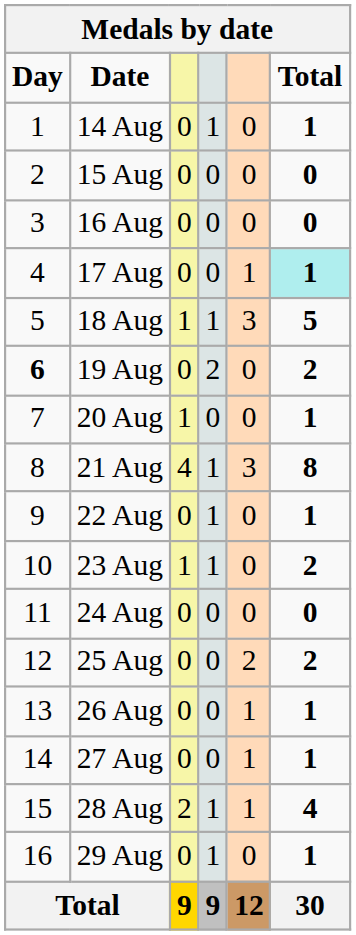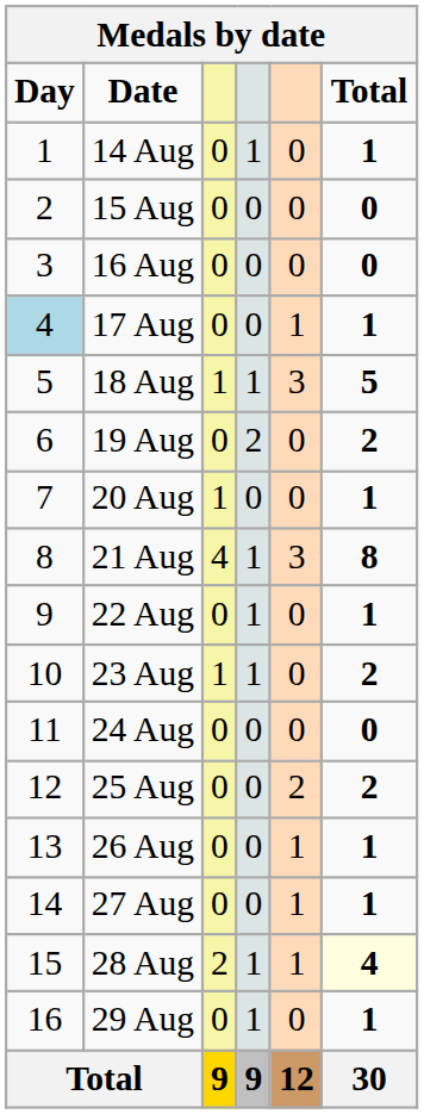 <table class="wikitable" style="font-size:85%; text-align:center;">
 <tr style="background:#efefef;">
 <th colspan=6><strong>Medals by date</strong></th>
 </tr>
 <tr>
 <td><strong>Day</strong></td>
 <td><strong>Date</strong></td>
 <td style="background:#F7F6A8;"></td>
 <td style="background:#DCE5E5;"></td>
 <td style="background:#FFDAB9;"></td>
 <td><strong>Total</strong></td>
 </tr>
 <tr>
 <td>1</td>
 <td>14 Aug</td>
 <td style="background:#F7F6A8;">0</td>
 <td style="background:#DCE5E5;">1</td>
 <td style="background:#FFDAB9;">0</td>
 <td><strong>1</strong></td>
 </tr>
 <tr>
 <td>2</td>
 <td>15 Aug</td>
 <td style="background:#F7F6A8;">0</td>
 <td style="background:#DCE5E5;">0</td>
 <td style="background:#FFDAB9;">0</td>
 <td><strong>0</strong></td>
 </tr>
 <tr>
 <td>3</td>
 <td>16 Aug</td>
 <td style="background:#F7F6A8;">0</td>
 <td style="background:#DCE5E5;">0</td>
 <td style="background:#FFDAB9;">0</td>
 <td><strong>0</strong></td>
 </tr>
 <tr>
-<td>4</td>
+<td style="background: lightblue;">4</td>
 <td>17 Aug</td>
 <td style="background:#F7F6A8;">0</td>
 <td style="background:#DCE5E5;">0</td>
 <td style="background:#FFDAB9;">1</td>
-<td style="background: paleturquoise;"><strong>1</strong></td>
+<td><strong>1</strong></td>
 </tr>
 <tr>
 <td>5</td>
 <td>18 Aug</td>
 <td style="background:#F7F6A8;">1</td>
 <td style="background:#DCE5E5;">1</td>
 <td style="background:#FFDAB9;">3</td>
 <td><strong>5</strong></td>
 </tr>
 <tr>
-<td><strong>6</strong></td>
+<td>6</td>
 <td>19 Aug</td>
 <td style="background:#F7F6A8;">0</td>
 <td style="background:#DCE5E5;">2</td>
 <td style="background:#FFDAB9;">0</td>
 <td><strong>2</strong></td>
 </tr>
 <tr>
 <td>7</td>
 <td>20 Aug</td>
 <td style="background:#F7F6A8;">1</td>
 <td style="background:#DCE5E5;">0</td>
 <td style="background:#FFDAB9;">0</td>
 <td><strong>1</strong></td>
 </tr>
 <tr>
 <td>8</td>
 <td>21 Aug</td>
 <td style="background:#F7F6A8;">4</td>
 <td style="background:#DCE5E5;">1</td>
 <td style="background:#FFDAB9;">3</td>
 <td><strong>8</strong></td>
 </tr>
 <tr>
 <td>9</td>
 <td>22 Aug</td>
 <td style="background:#F7F6A8;">0</td>
 <td style="background:#DCE5E5;">1</td>
 <td style="background:#FFDAB9;">0</td>
 <td><strong>1</strong></td>
 </tr>
 <tr>
 <td>10</td>
 <td>23 Aug</td>
 <td style="background:#F7F6A8;">1</td>
 <td style="background:#DCE5E5;">1</td>
 <td style="background:#FFDAB9;">0</td>
 <td><strong>2</strong></td>
 </tr>
 <tr>
 <td>11</td>
 <td>24 Aug</td>
 <td style="background:#F7F6A8;">0</td>
 <td style="background:#DCE5E5;">0</td>
 <td style="background:#FFDAB9;">0</td>
 <td><strong>0</strong></td>
 </tr>
 <tr>
 <td>12</td>
 <td>25 Aug</td>
 <td style="background:#F7F6A8;">0</td>
 <td style="background:#DCE5E5;">0</td>
 <td style="background:#FFDAB9;">2</td>
 <td><strong>2</strong></td>
 </tr>
 <tr>
 <td>13</td>
 <td>26 Aug</td>
 <td style="background:#F7F6A8;">0</td>
 <td style="background:#DCE5E5;">0</td>
 <td style="background:#FFDAB9;">1</td>
 <td><strong>1</strong></td>
 </tr>
 <tr>
 <td>14</td>
 <td>27 Aug</td>
 <td style="background:#F7F6A8;">0</td>
 <td style="background:#DCE5E5;">0</td>
 <td style="background:#FFDAB9;">1</td>
 <td><strong>1</strong></td>
 </tr>
 <tr>
 <td>15</td>
 <td>28 Aug</td>
 <td style="background:#F7F6A8;">2</td>
 <td style="background:#DCE5E5;">1</td>
 <td style="background:#FFDAB9;">1</td>
-<td><strong>4</strong></td>
+<td style="background: lightyellow;"><strong>4</strong></td>
 </tr>
 <tr>
 <td>16</td>
 <td>29 Aug</td>
 <td style="background:#F7F6A8;">0</td>
 <td style="background:#DCE5E5;">1</td>
 <td style="background:#FFDAB9;">0</td>
 <td><strong>1</strong></td>
 </tr>
 <tr>
 <th colspan="2"><strong>Total</strong></th>
 <th style="background:gold;"><strong>9</strong></th>
 <th style="background:silver;"><strong>9</strong></th>
 <th style="background:#c96;"><strong>12</strong></th>
 <th><strong>30</strong></th>
 </tr>
 </table>
